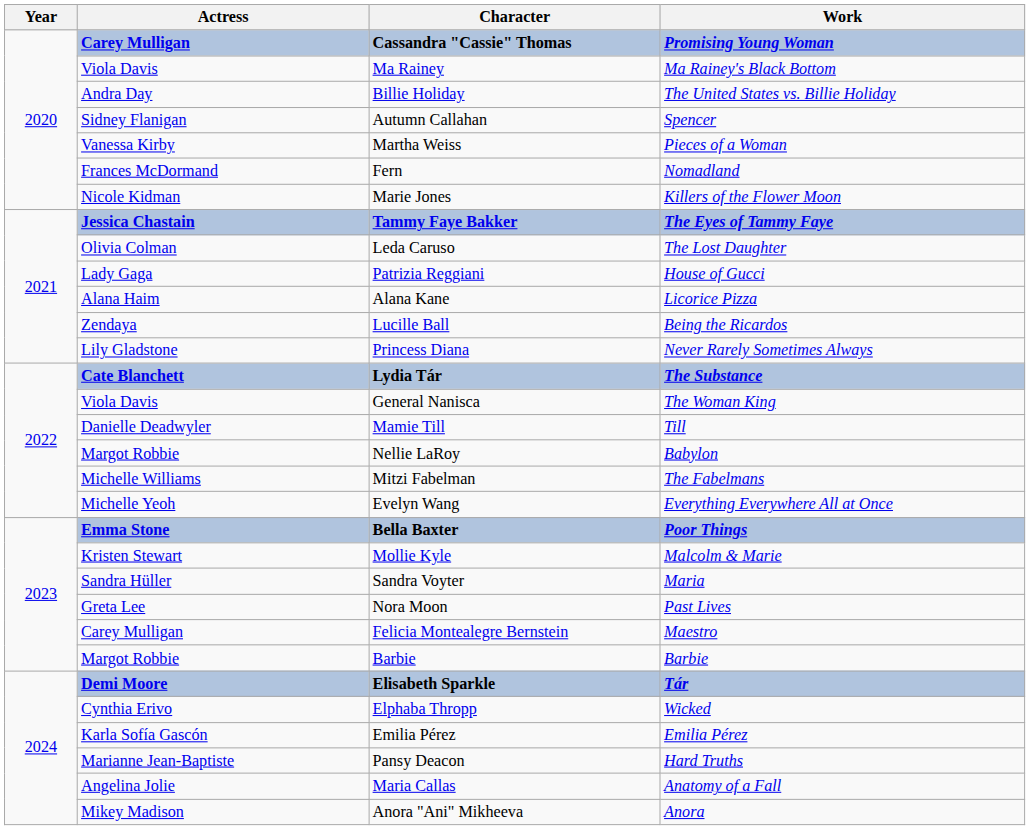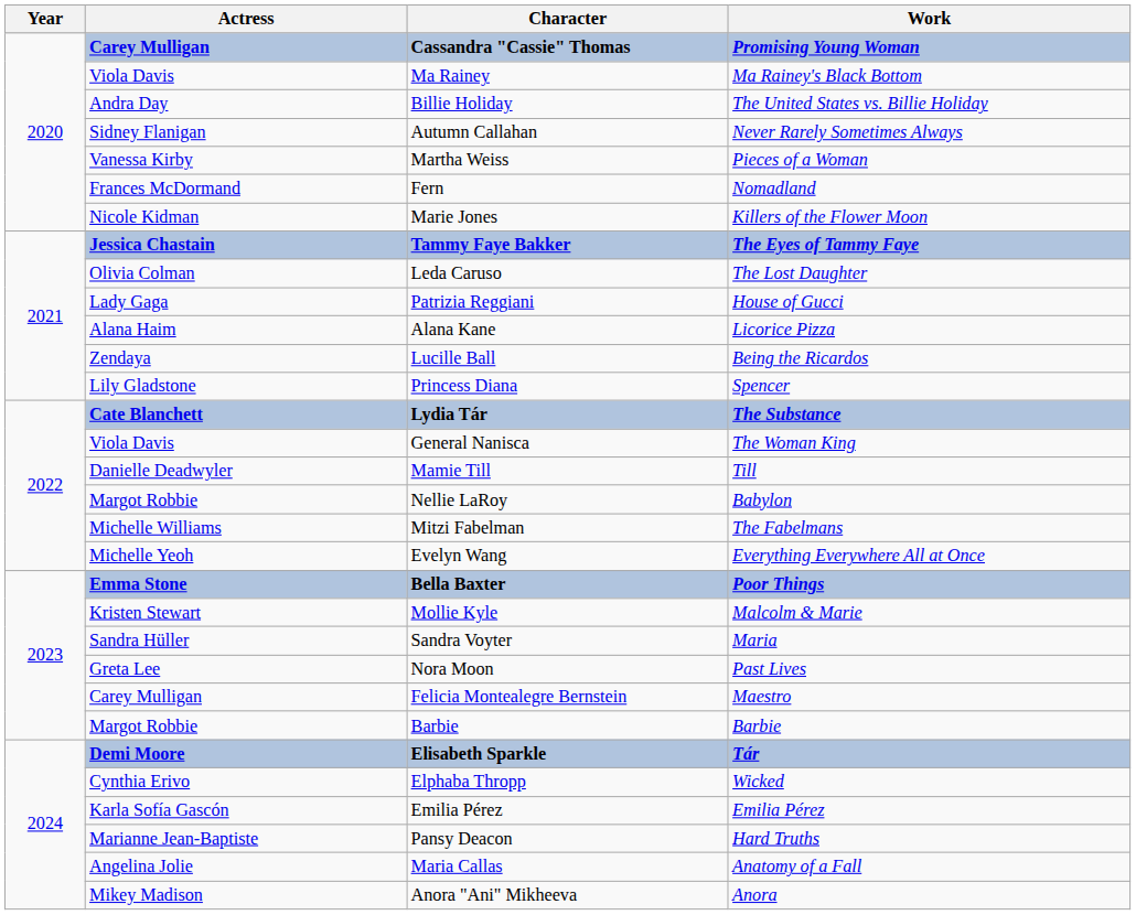 <table class="wikitable" width="80%">
 <tr style="background:#bebebe;">
 <th style="width:5%;">Year</th>
 <th style="width:20%;">Actress</th>
 <th style="width:20%;">Character</th>
 <th style="width:25%;">Work</th>
 </tr>
 <tr>
 <td rowspan="7" style="text-align:center;"><a href='#'>2020</a><br></td>
 <td style="background:#B0C4DE;"><strong><a href='#'>Carey Mulligan</a></strong></td>
 <td style="background:#B0C4DE;"><strong>Cassandra "Cassie" Thomas</strong></td>
 <td style="background:#B0C4DE;"><strong><em><a href='#'>Promising Young Woman</a></em></strong></td>
 </tr>
 <tr>
 <td><a href='#'>Viola Davis</a></td>
 <td><a href='#'>Ma Rainey</a></td>
 <td><em><a href='#'>Ma Rainey's Black Bottom</a></em></td>
 </tr>
 <tr>
 <td><a href='#'>Andra Day</a></td>
 <td><a href='#'>Billie Holiday</a></td>
 <td><em><a href='#'>The United States vs. Billie Holiday</a></em></td>
 </tr>
 <tr>
 <td><a href='#'>Sidney Flanigan</a></td>
 <td>Autumn Callahan</td>
-<td><em><a href='#'>Spencer</a></em></td>
+<td><em><a href='#'>Never Rarely Sometimes Always</a></em></td>
 </tr>
 <tr>
 <td><a href='#'>Vanessa Kirby</a></td>
 <td>Martha Weiss</td>
 <td><em><a href='#'>Pieces of a Woman</a></em></td>
 </tr>
 <tr>
 <td><a href='#'>Frances McDormand</a></td>
 <td>Fern</td>
 <td><em><a href='#'>Nomadland</a></em></td>
 </tr>
 <tr>
 <td><a href='#'>Nicole Kidman</a></td>
 <td>Marie Jones</td>
 <td><em><a href='#'>Killers of the Flower Moon</a></em></td>
 </tr>
 <tr>
 <td rowspan="6" style="text-align:center;"><a href='#'>2021</a><br></td>
 <td style="background:#B0C4DE;"><strong><a href='#'>Jessica Chastain</a></strong></td>
 <td style="background:#B0C4DE;"><strong><a href='#'>Tammy Faye Bakker</a></strong></td>
 <td style="background:#B0C4DE;"><strong><em><a href='#'>The Eyes of Tammy Faye</a></em></strong></td>
 </tr>
 <tr>
 <td><a href='#'>Olivia Colman</a></td>
 <td>Leda Caruso</td>
 <td><em><a href='#'>The Lost Daughter</a></em></td>
 </tr>
 <tr>
 <td><a href='#'>Lady Gaga</a></td>
 <td><a href='#'>Patrizia Reggiani</a></td>
 <td><em><a href='#'>House of Gucci</a></em></td>
 </tr>
 <tr>
 <td><a href='#'>Alana Haim</a></td>
 <td>Alana Kane</td>
 <td><em><a href='#'>Licorice Pizza</a></em></td>
 </tr>
 <tr>
 <td><a href='#'>Zendaya</a></td>
 <td><a href='#'>Lucille Ball</a></td>
 <td><em><a href='#'>Being the Ricardos</a></em></td>
 </tr>
 <tr>
 <td><a href='#'>Lily Gladstone</a></td>
 <td><a href='#'>Princess Diana</a></td>
-<td><em><a href='#'>Never Rarely Sometimes Always</a></em></td>
+<td><em><a href='#'>Spencer</a></em></td>
 </tr>
 <tr>
 <td rowspan="6" style="text-align:center;"><a href='#'>2022</a><br></td>
 <td style="background:#B0C4DE;"><strong><a href='#'>Cate Blanchett</a></strong></td>
 <td style="background:#B0C4DE;"><strong>Lydia Tár</strong></td>
 <td style="background:#B0C4DE;"><strong><em><a href='#'>The Substance</a></em></strong></td>
 </tr>
 <tr>
 <td><a href='#'>Viola Davis</a></td>
 <td>General Nanisca</td>
 <td><em><a href='#'>The Woman King</a></em></td>
 </tr>
 <tr>
 <td><a href='#'>Danielle Deadwyler</a></td>
 <td><a href='#'>Mamie Till</a></td>
 <td><em><a href='#'>Till</a></em></td>
 </tr>
 <tr>
 <td><a href='#'>Margot Robbie</a></td>
 <td>Nellie LaRoy</td>
 <td><em><a href='#'>Babylon</a></em></td>
 </tr>
 <tr>
 <td><a href='#'>Michelle Williams</a></td>
 <td>Mitzi Fabelman</td>
 <td><em><a href='#'>The Fabelmans</a></em></td>
 </tr>
 <tr>
 <td><a href='#'>Michelle Yeoh</a></td>
 <td>Evelyn Wang</td>
 <td><em><a href='#'>Everything Everywhere All at Once</a></em></td>
 </tr>
 <tr>
 <td rowspan="6"  style="text-align:center;"><a href='#'>2023</a></td>
 <td style="background:#B0C4DE;"><strong><a href='#'>Emma Stone</a></strong></td>
 <td style="background:#B0C4DE;"><strong>Bella Baxter</strong></td>
 <td style="background:#B0C4DE;"><strong><em><a href='#'>Poor Things</a></em></strong></td>
 </tr>
 <tr>
 <td><a href='#'>Kristen Stewart</a></td>
 <td><a href='#'>Mollie Kyle</a></td>
 <td><em><a href='#'>Malcolm & Marie</a></em></td>
 </tr>
 <tr>
 <td><a href='#'>Sandra Hüller</a></td>
 <td>Sandra Voyter</td>
 <td><em><a href='#'>Maria</a></em></td>
 </tr>
 <tr>
 <td><a href='#'>Greta Lee</a></td>
 <td>Nora Moon</td>
 <td><em><a href='#'>Past Lives</a></em></td>
 </tr>
 <tr>
 <td><a href='#'>Carey Mulligan</a></td>
 <td><a href='#'>Felicia Montealegre Bernstein</a></td>
 <td><em><a href='#'>Maestro</a></em></td>
 </tr>
 <tr>
 <td><a href='#'>Margot Robbie</a></td>
 <td><a href='#'>Barbie</a></td>
 <td><em><a href='#'>Barbie</a></em></td>
 </tr>
 <tr>
 <td rowspan="6"  style="text-align:center;"><a href='#'>2024</a></td>
 <td style="background:#B0C4DE;"><strong><a href='#'>Demi Moore</a></strong></td>
 <td style="background:#B0C4DE;"><strong>Elisabeth Sparkle</strong></td>
 <td style="background:#B0C4DE;"><strong><em><a href='#'>Tár</a></em></strong></td>
 </tr>
 <tr>
 <td><a href='#'>Cynthia Erivo</a></td>
 <td><a href='#'>Elphaba Thropp</a></td>
 <td><em><a href='#'>Wicked</a></em></td>
 </tr>
 <tr>
 <td><a href='#'>Karla Sofía Gascón</a></td>
 <td>Emilia Pérez</td>
 <td><em><a href='#'>Emilia Pérez</a></em></td>
 </tr>
 <tr>
 <td><a href='#'>Marianne Jean-Baptiste</a></td>
 <td>Pansy Deacon</td>
 <td><em><a href='#'>Hard Truths</a></em></td>
 </tr>
 <tr>
 <td><a href='#'>Angelina Jolie</a></td>
 <td><a href='#'>Maria Callas</a></td>
 <td><em><a href='#'>Anatomy of a Fall</a></em></td>
 </tr>
 <tr>
 <td><a href='#'>Mikey Madison</a></td>
 <td>Anora "Ani" Mikheeva</td>
 <td><em><a href='#'>Anora</a></em></td>
 </tr>
 </table>
